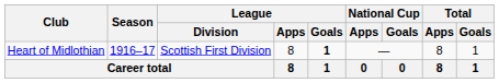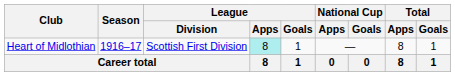 <table class="wikitable" style="text-align: center;">
 <tr>
 <th rowspan="2">Club</th>
 <th rowspan="2">Season</th>
 <th colspan="3">League</th>
 <th colspan="2">National Cup</th>
 <th colspan="2">Total</th>
 </tr>
 <tr>
 <th>Division</th>
 <th>Apps</th>
 <th>Goals</th>
 <th>Apps</th>
 <th>Goals</th>
 <th>Apps</th>
 <th>Goals</th>
 </tr>
 <tr>
 <td><a href='#'>Heart of Midlothian</a></td>
 <td><a href='#'>1916–17</a></td>
 <td><a href='#'>Scottish First Division</a></td>
-<td>8</td>
-<td><strong>1</strong></td>
+<td style="background: paleturquoise;">8</td>
+<td>1</td>
 <td colspan="2">—</td>
 <td>8</td>
 <td>1</td>
 </tr>
 <tr>
 <th colspan="3">Career total</th>
 <th>8</th>
 <th>1</th>
 <th>0</th>
 <th>0</th>
 <th>8</th>
 <th>1</th>
 </tr>
 </table>
